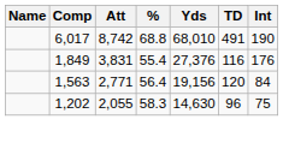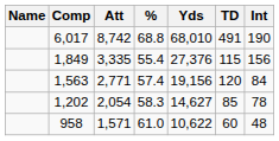 <table class="wikitable sortable" style="text-align:center;">
 <tr>
 <th scope="col">Name</th>
 <th scope="col">Comp</th>
 <th scope="col">Att</th>
 <th scope="col">%</th>
 <th scope="col">Yds</th>
 <th scope="col">TD</th>
 <th scope="col">Int</th>
 </tr>
 <tr>
 <td></td>
 <td>6,017</td>
 <td>8,742</td>
 <td>68.8</td>
 <td>68,010</td>
 <td>491</td>
 <td>190</td>
 </tr>
 <tr>
 <td></td>
 <td>1,849</td>
-<td>3,831</td>
+<td>3,335</td>
 <td>55.4</td>
 <td>27,376</td>
-<td>116</td>
-<td>176</td>
+<td>115</td>
+<td>156</td>
 </tr>
 <tr>
 <td></td>
 <td>1,563</td>
 <td>2,771</td>
-<td>56.4</td>
+<td>57.4</td>
 <td>19,156</td>
 <td>120</td>
 <td>84</td>
 </tr>
 <tr>
 <td></td>
 <td>1,202</td>
-<td>2,055</td>
+<td>2,054</td>
 <td>58.3</td>
-<td>14,630</td>
-<td>96</td>
-<td>75</td>
+<td>14,627</td>
+<td>85</td>
+<td>78</td>
+</tr>
+<tr>
+<td></td>
+<td>958</td>
+<td>1,571</td>
+<td>61.0</td>
+<td>10,622</td>
+<td>60</td>
+<td>48</td>
 </tr>
 </table>
